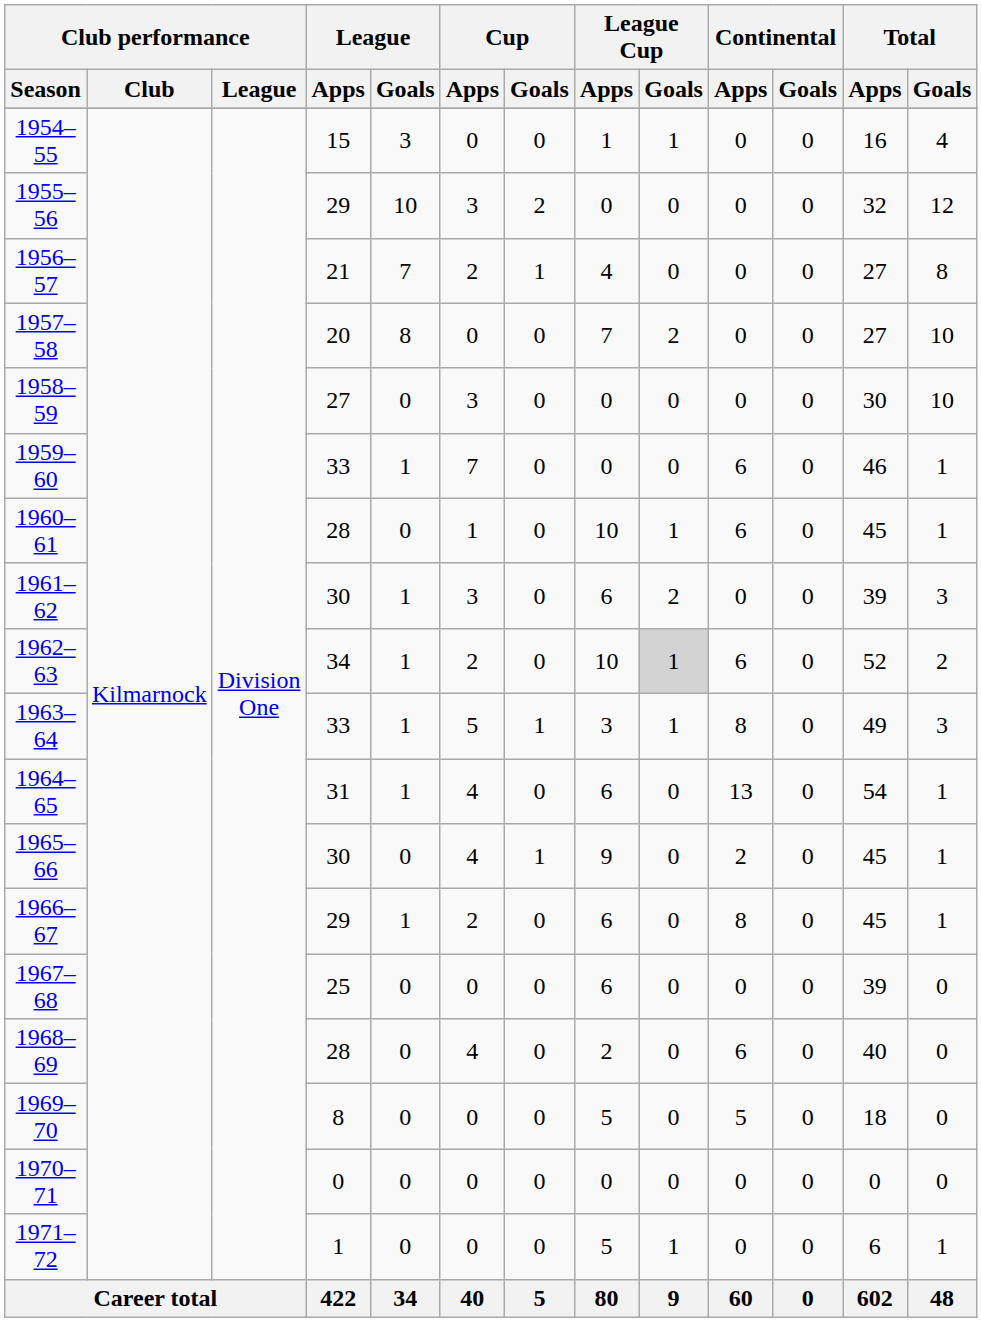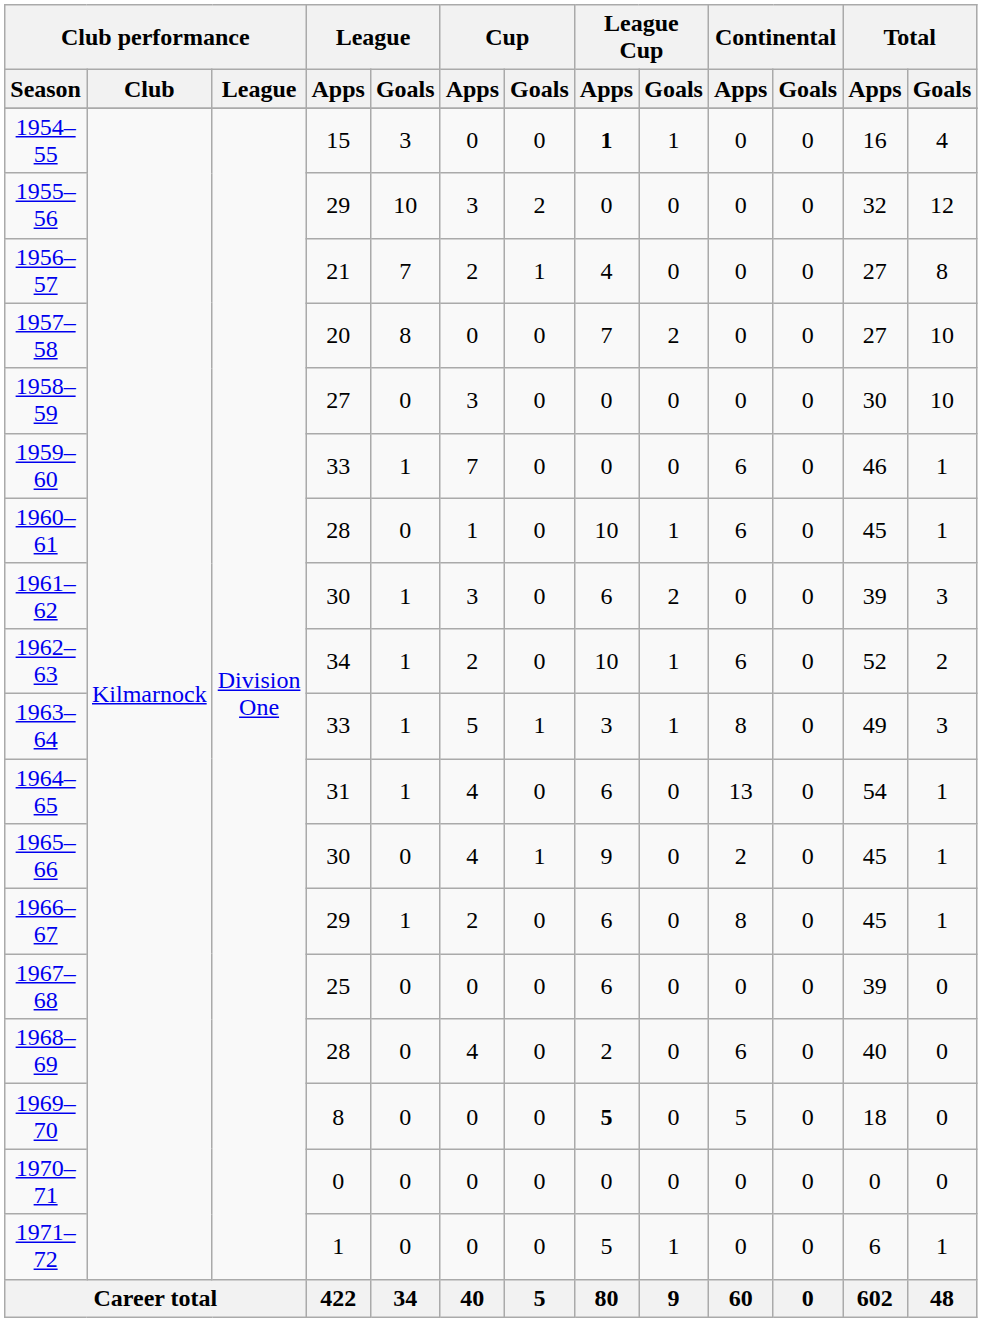 <table class="wikitable" style="text-align:center">
 <tr>
 <th colspan=3>Club performance</th>
 <th colspan=2>League</th>
 <th colspan=2>Cup</th>
 <th colspan=2>League Cup</th>
 <th colspan=2>Continental</th>
 <th colspan=2>Total</th>
 </tr>
 <tr>
 <th>Season</th>
 <th>Club</th>
 <th>League</th>
 <th>Apps</th>
 <th>Goals</th>
 <th>Apps</th>
 <th>Goals</th>
 <th>Apps</th>
 <th>Goals</th>
 <th>Apps</th>
 <th>Goals</th>
 <th>Apps</th>
 <th>Goals</th>
 </tr>
 <tr>
 </tr>
 <tr>
 <td><a href='#'>1954–55</a></td>
 <td rowspan="18"><a href='#'>Kilmarnock</a></td>
 <td rowspan="18"><a href='#'>Division One</a></td>
 <td>15</td>
 <td>3</td>
 <td>0</td>
 <td>0</td>
-<td>1</td>
+<td><strong>1</strong></td>
 <td>1</td>
 <td>0</td>
 <td>0</td>
 <td>16</td>
 <td>4</td>
 </tr>
 <tr>
 <td><a href='#'>1955–56</a></td>
 <td>29</td>
 <td>10</td>
 <td>3</td>
 <td>2</td>
 <td>0</td>
 <td>0</td>
 <td>0</td>
 <td>0</td>
 <td>32</td>
 <td>12</td>
 </tr>
 <tr>
 <td><a href='#'>1956–57</a></td>
 <td>21</td>
 <td>7</td>
 <td>2</td>
 <td>1</td>
 <td>4</td>
 <td>0</td>
 <td>0</td>
 <td>0</td>
 <td>27</td>
 <td>8</td>
 </tr>
 <tr>
 <td><a href='#'>1957–58</a></td>
 <td>20</td>
 <td>8</td>
 <td>0</td>
 <td>0</td>
 <td>7</td>
 <td>2</td>
 <td>0</td>
 <td>0</td>
 <td>27</td>
 <td>10</td>
 </tr>
 <tr>
 <td><a href='#'>1958–59</a></td>
 <td>27</td>
 <td>0</td>
 <td>3</td>
 <td>0</td>
 <td>0</td>
 <td>0</td>
 <td>0</td>
 <td>0</td>
 <td>30</td>
 <td>10</td>
 </tr>
 <tr>
 <td><a href='#'>1959–60</a></td>
 <td>33</td>
 <td>1</td>
 <td>7</td>
 <td>0</td>
 <td>0</td>
 <td>0</td>
 <td>6</td>
 <td>0</td>
 <td>46</td>
 <td>1</td>
 </tr>
 <tr>
 <td><a href='#'>1960–61</a></td>
 <td>28</td>
 <td>0</td>
 <td>1</td>
 <td>0</td>
 <td>10</td>
 <td>1</td>
 <td>6</td>
 <td>0</td>
 <td>45</td>
 <td>1</td>
 </tr>
 <tr>
 <td><a href='#'>1961–62</a></td>
 <td>30</td>
 <td>1</td>
 <td>3</td>
 <td>0</td>
 <td>6</td>
 <td>2</td>
 <td>0</td>
 <td>0</td>
 <td>39</td>
 <td>3</td>
 </tr>
 <tr>
 <td><a href='#'>1962–63</a></td>
 <td>34</td>
 <td>1</td>
 <td>2</td>
 <td>0</td>
 <td>10</td>
-<td style="background: lightgrey;">1</td>
+<td>1</td>
 <td>6</td>
 <td>0</td>
 <td>52</td>
 <td>2</td>
 </tr>
 <tr>
 <td><a href='#'>1963–64</a></td>
 <td>33</td>
 <td>1</td>
 <td>5</td>
 <td>1</td>
 <td>3</td>
 <td>1</td>
 <td>8</td>
 <td>0</td>
 <td>49</td>
 <td>3</td>
 </tr>
 <tr>
 <td><a href='#'>1964–65</a></td>
 <td>31</td>
 <td>1</td>
 <td>4</td>
 <td>0</td>
 <td>6</td>
 <td>0</td>
 <td>13</td>
 <td>0</td>
 <td>54</td>
 <td>1</td>
 </tr>
 <tr>
 <td><a href='#'>1965–66</a></td>
 <td>30</td>
 <td>0</td>
 <td>4</td>
 <td>1</td>
 <td>9</td>
 <td>0</td>
 <td>2</td>
 <td>0</td>
 <td>45</td>
 <td>1</td>
 </tr>
 <tr>
 <td><a href='#'>1966–67</a></td>
 <td>29</td>
 <td>1</td>
 <td>2</td>
 <td>0</td>
 <td>6</td>
 <td>0</td>
 <td>8</td>
 <td>0</td>
 <td>45</td>
 <td>1</td>
 </tr>
 <tr>
 <td><a href='#'>1967–68</a></td>
 <td>25</td>
 <td>0</td>
 <td>0</td>
 <td>0</td>
 <td>6</td>
 <td>0</td>
 <td>0</td>
 <td>0</td>
 <td>39</td>
 <td>0</td>
 </tr>
 <tr>
 <td><a href='#'>1968–69</a></td>
 <td>28</td>
 <td>0</td>
 <td>4</td>
 <td>0</td>
 <td>2</td>
 <td>0</td>
 <td>6</td>
 <td>0</td>
 <td>40</td>
 <td>0</td>
 </tr>
 <tr>
 <td><a href='#'>1969–70</a></td>
 <td>8</td>
 <td>0</td>
 <td>0</td>
 <td>0</td>
-<td>5</td>
+<td><strong>5</strong></td>
 <td>0</td>
 <td>5</td>
 <td>0</td>
 <td>18</td>
 <td>0</td>
 </tr>
 <tr>
 <td><a href='#'>1970–71</a></td>
 <td>0</td>
 <td>0</td>
 <td>0</td>
 <td>0</td>
 <td>0</td>
 <td>0</td>
 <td>0</td>
 <td>0</td>
 <td>0</td>
 <td>0</td>
 </tr>
 <tr>
 <td><a href='#'>1971–72</a></td>
 <td>1</td>
 <td>0</td>
 <td>0</td>
 <td>0</td>
 <td>5</td>
 <td>1</td>
 <td>0</td>
 <td>0</td>
 <td>6</td>
 <td>1</td>
 </tr>
 <tr>
 <th colspan=3>Career total</th>
 <th>422</th>
 <th>34</th>
 <th>40</th>
 <th>5</th>
 <th>80</th>
 <th>9</th>
 <th>60</th>
 <th>0</th>
 <th>602</th>
 <th>48</th>
 </tr>
 </table>
